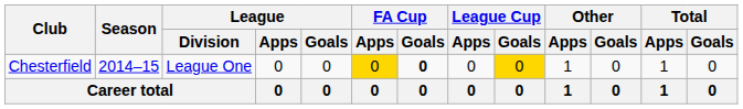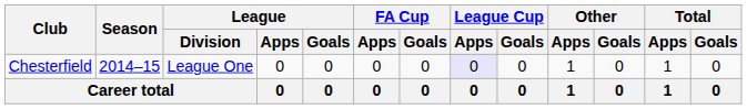 <table class="wikitable" style="text-align: center;">
 <tr>
 <th rowspan="2">Club</th>
 <th rowspan="2">Season</th>
 <th colspan="3">League</th>
 <th colspan="2"><a href='#'>FA Cup</a></th>
 <th colspan="2"><a href='#'>League Cup</a></th>
 <th colspan="2">Other</th>
 <th colspan="2">Total</th>
 </tr>
 <tr>
 <th>Division</th>
 <th>Apps</th>
 <th>Goals</th>
 <th>Apps</th>
 <th>Goals</th>
 <th>Apps</th>
 <th>Goals</th>
 <th>Apps</th>
 <th>Goals</th>
 <th>Apps</th>
 <th>Goals</th>
 </tr>
 <tr>
 <td rowspan="1"><a href='#'>Chesterfield</a></td>
 <td><a href='#'>2014–15</a></td>
 <td><a href='#'>League One</a></td>
 <td>0</td>
 <td>0</td>
-<td style="background: gold;">0</td>
-<td><strong>0</strong></td>
 <td>0</td>
-<td style="background: gold;">0</td>
+<td>0</td>
+<td style="background: lavender;">0</td>
+<td>0</td>
 <td>1</td>
 <td>0</td>
 <td>1</td>
 <td>0</td>
 </tr>
 <tr>
 <th colspan="3">Career total</th>
 <th>0</th>
 <th>0</th>
 <th>0</th>
 <th>0</th>
 <th>0</th>
 <th>0</th>
 <th>1</th>
 <th>0</th>
 <th>1</th>
 <th>0</th>
 </tr>
 </table>
